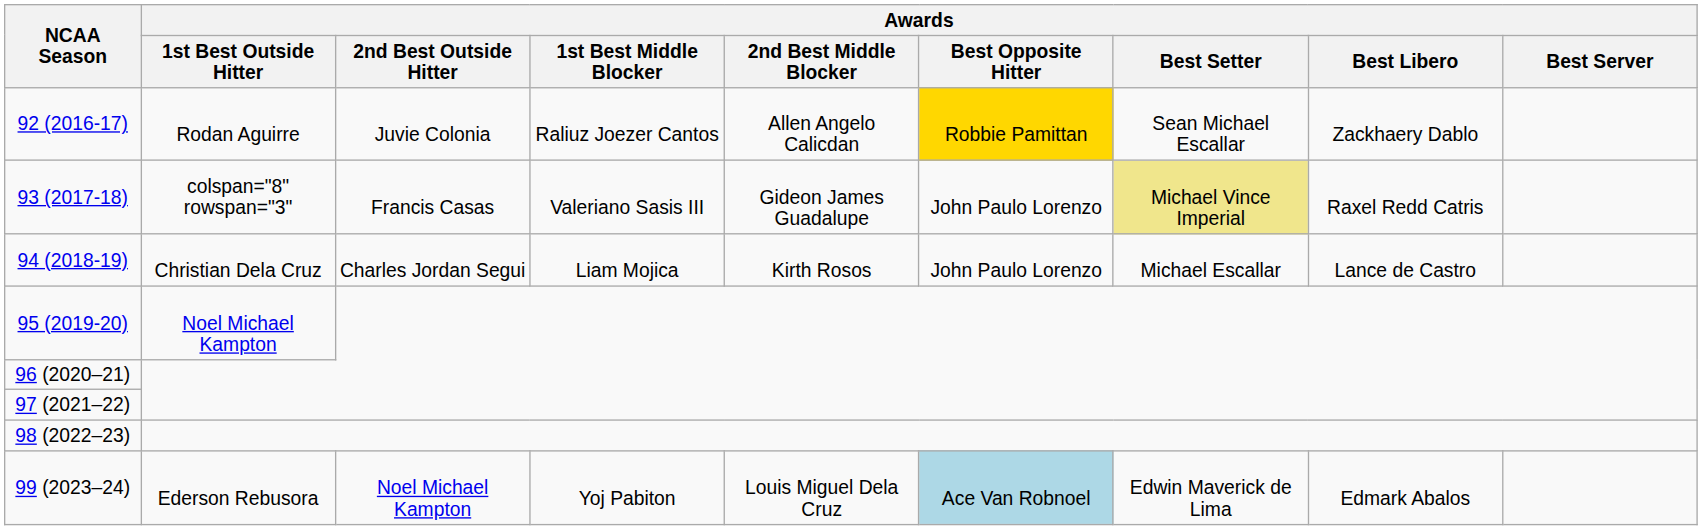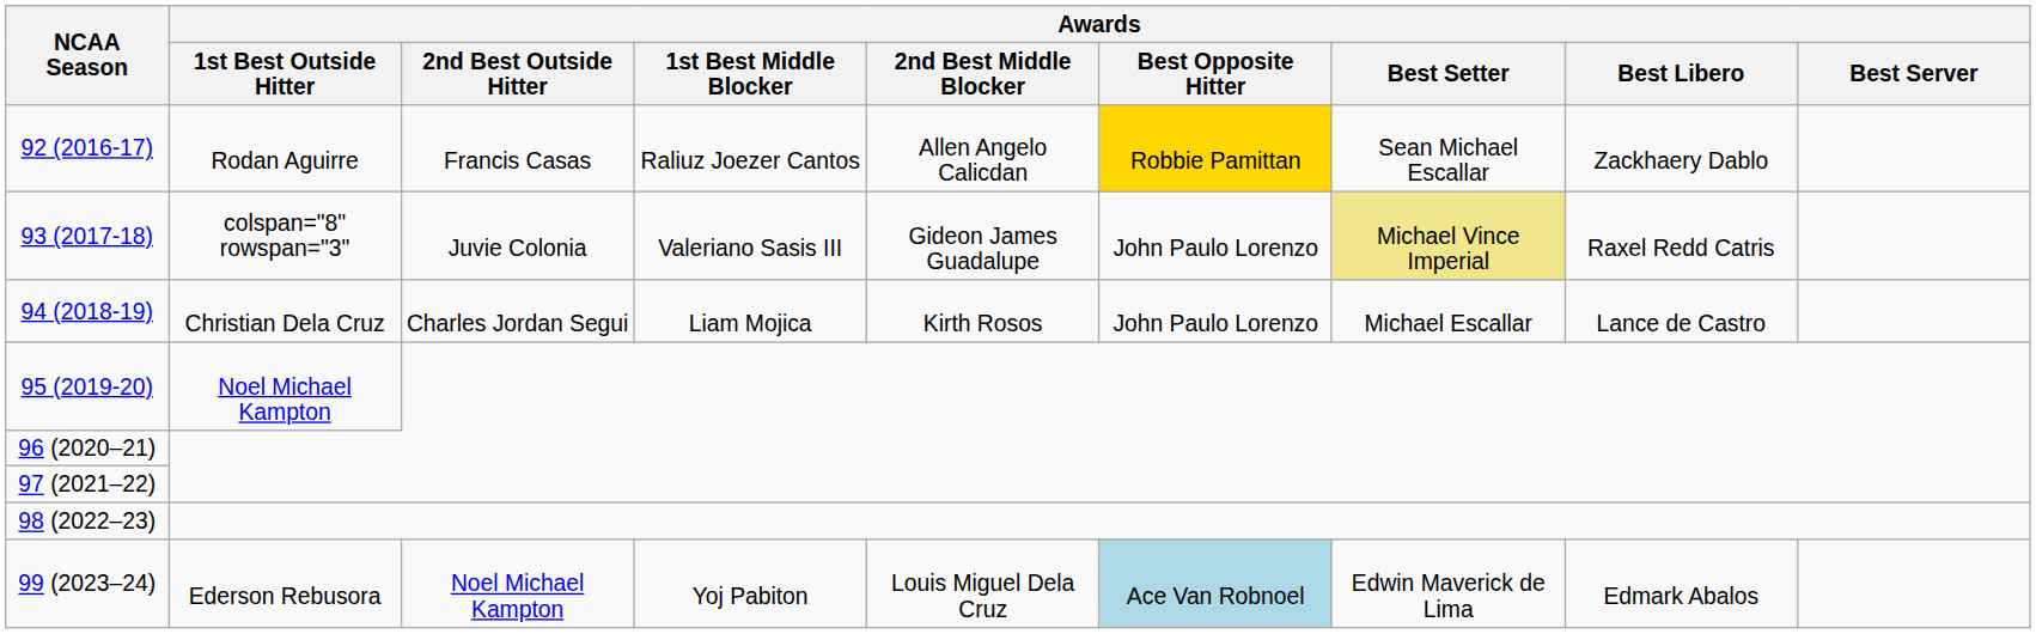 <table class="wikitable" width=100% style="font-size:90%; text-align:center;">
 <tr>
 <th width=7% rowspan=2>NCAA Season</th>
 <th colspan=8>Awards</th>
 </tr>
 <tr>
 <th width=10%>1st Best Outside Hitter</th>
 <th width=10%>2nd Best Outside Hitter</th>
 <th width=10%>1st Best Middle Blocker</th>
 <th width=10%>2nd Best Middle Blocker</th>
 <th width=10%>Best Opposite Hitter</th>
 <th width=10%>Best Setter</th>
 <th width=10%>Best Libero</th>
 <th width=10%>Best Server</th>
 </tr>
 <tr>
 <td><a href='#'>92 (2016-17)</a></td>
 <td><br> Rodan Aguirre</td>
-<td><br>Juvie Colonia</td>
+<td><br>Francis Casas</td>
 <td><br>Raliuz Joezer Cantos</td>
 <td><br>Allen Angelo Calicdan</td>
 <td style="background: gold;"><br>Robbie Pamittan</td>
 <td><br>Sean Michael Escallar</td>
 <td><br>Zackhaery Dablo</td>
 <td></td>
 </tr>
 <tr>
 <td><a href='#'>93 (2017-18)</a></td>
 <td>colspan="8" rowspan="3" </td>
-<td><br>Francis Casas</td>
+<td><br>Juvie Colonia</td>
 <td><br>Valeriano Sasis III</td>
 <td><br>Gideon James Guadalupe</td>
 <td><br>John Paulo Lorenzo</td>
 <td style="background: khaki;"><br>Michael Vince Imperial</td>
 <td><br>Raxel Redd Catris</td>
 <td></td>
 </tr>
 <tr>
 <td><a href='#'>94 (2018-19)</a></td>
 <td><br>Christian Dela Cruz</td>
 <td><br> Charles Jordan Segui</td>
 <td><br> Liam Mojica</td>
 <td><br>Kirth Rosos</td>
 <td><br>John Paulo Lorenzo</td>
 <td><br>Michael Escallar</td>
 <td><br>Lance de Castro</td>
 <td></td>
 </tr>
 <tr>
 <td><a href='#'>95 (2019-20)</a></td>
 <td><br><a href='#'>Noel Michael Kampton</a></td>
 </tr>
 <tr>
 <td align="center"><a href='#'>96</a> (2020–21)</td>
 </tr>
 <tr>
 <td align="center"><a href='#'>97</a> (2021–22)</td>
 </tr>
 <tr>
 <td align="center"><a href='#'>98</a> (2022–23)</td>
 <td colspan="8"></td>
 </tr>
 <tr>
 <td align="center"><a href='#'>99</a> (2023–24)</td>
 <td><br>Ederson Rebusora</td>
 <td><br><a href='#'>Noel Michael Kampton</a></td>
 <td><br>Yoj Pabiton</td>
 <td><br> Louis Miguel Dela Cruz</td>
 <td style="background: lightblue;"><br> Ace Van Robnoel</td>
 <td><br> Edwin Maverick de Lima</td>
 <td><br> Edmark Abalos</td>
 <td></td>
 </tr>
 </table>
